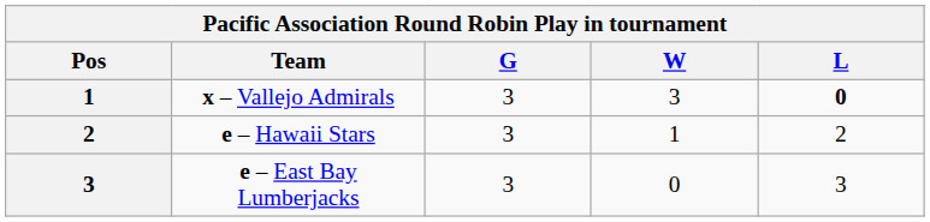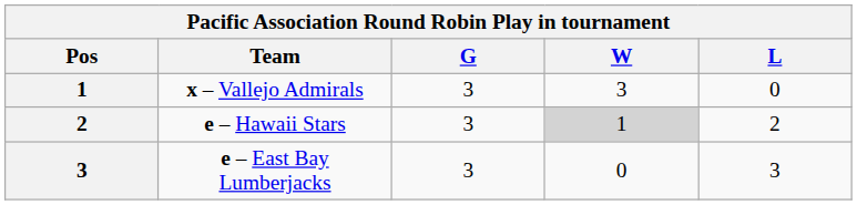 <table class="wikitable"  style="width:50%; text-align:center;">
 <tr>
 <th colspan="6">Pacific Association Round Robin Play in tournament</th>
 </tr>
 <tr>
 <th scope="col" width="5%">Pos</th>
 <th scope="col" width="5%">Team</th>
 <th scope="col" width="5%"><a href='#'>G</a></th>
 <th scope="col" width="5%"><a href='#'>W</a></th>
 <th scope="col" width="5%"><a href='#'>L</a></th>
 </tr>
 <tr>
 <th>1</th>
 <td style="text-align:center;"><strong>x</strong> – <a href='#'>Vallejo Admirals</a></td>
 <td>3</td>
 <td>3</td>
-<td><strong>0</strong></td>
+<td>0</td>
 </tr>
 <tr>
 <th>2</th>
 <td style="text-align:center;"><strong>e</strong> – <a href='#'>Hawaii Stars</a></td>
 <td>3</td>
-<td>1</td>
+<td style="background: lightgrey;">1</td>
 <td>2</td>
 </tr>
 <tr>
 <th>3</th>
 <td style="text-align:center;"><strong>e</strong> – <a href='#'>East Bay Lumberjacks</a></td>
 <td>3</td>
 <td>0</td>
 <td>3</td>
 </tr>
 </table>
